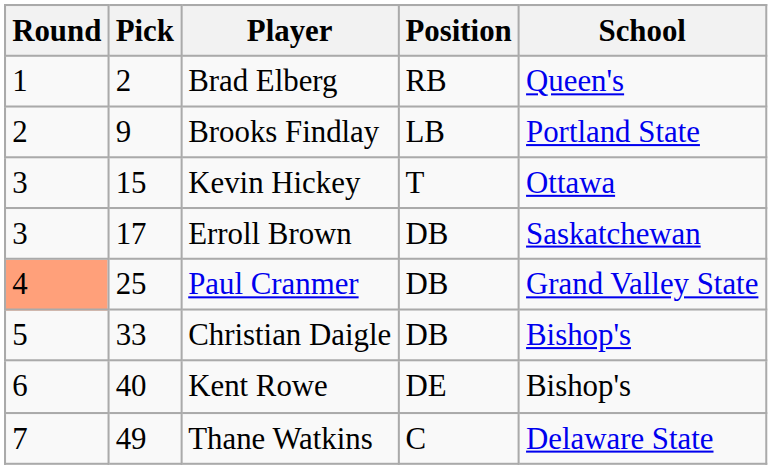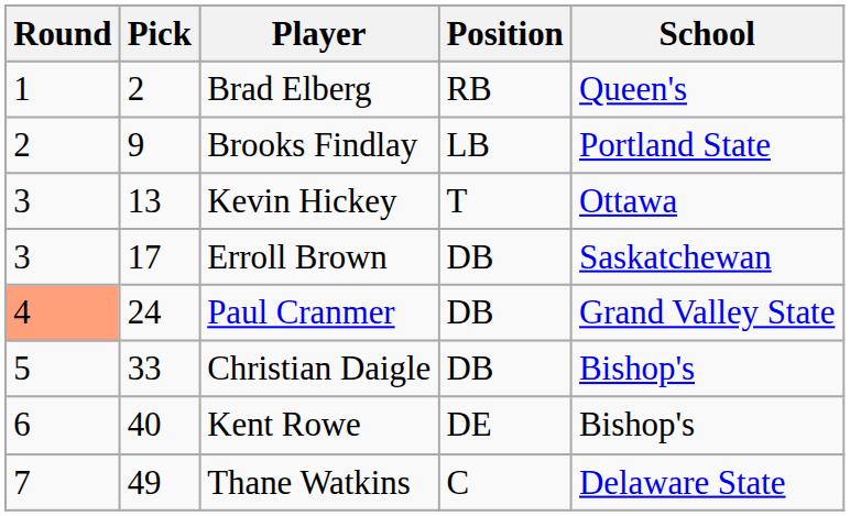 <table class="wikitable" style="font-size: 95%;">
 <tr>
 <th scope="col">Round</th>
 <th scope="col">Pick</th>
 <th scope="col">Player</th>
 <th scope="col">Position</th>
 <th scope="col">School</th>
 </tr>
 <tr>
 <td>1</td>
 <td>2</td>
 <td>Brad Elberg</td>
 <td>RB</td>
 <td><a href='#'>Queen's</a></td>
 </tr>
 <tr>
 <td>2</td>
 <td>9</td>
 <td>Brooks Findlay</td>
 <td>LB</td>
 <td><a href='#'>Portland State</a></td>
 </tr>
 <tr>
 <td>3</td>
-<td>15</td>
+<td>13</td>
 <td>Kevin Hickey</td>
 <td>T</td>
 <td><a href='#'>Ottawa</a></td>
 </tr>
 <tr>
 <td>3</td>
 <td>17</td>
 <td>Erroll Brown</td>
 <td>DB</td>
 <td><a href='#'>Saskatchewan</a></td>
 </tr>
 <tr>
 <td style="background: lightsalmon;">4</td>
-<td>25</td>
+<td>24</td>
 <td><a href='#'>Paul Cranmer</a></td>
 <td>DB</td>
 <td><a href='#'>Grand Valley State</a></td>
 </tr>
 <tr>
 <td>5</td>
 <td>33</td>
 <td>Christian Daigle</td>
 <td>DB</td>
 <td><a href='#'>Bishop's</a></td>
 </tr>
 <tr>
 <td>6</td>
 <td>40</td>
 <td>Kent Rowe</td>
 <td>DE</td>
 <td>Bishop's</td>
 </tr>
 <tr>
 <td>7</td>
 <td>49</td>
 <td>Thane Watkins</td>
 <td>C</td>
 <td><a href='#'>Delaware State</a></td>
 </tr>
 </table>
